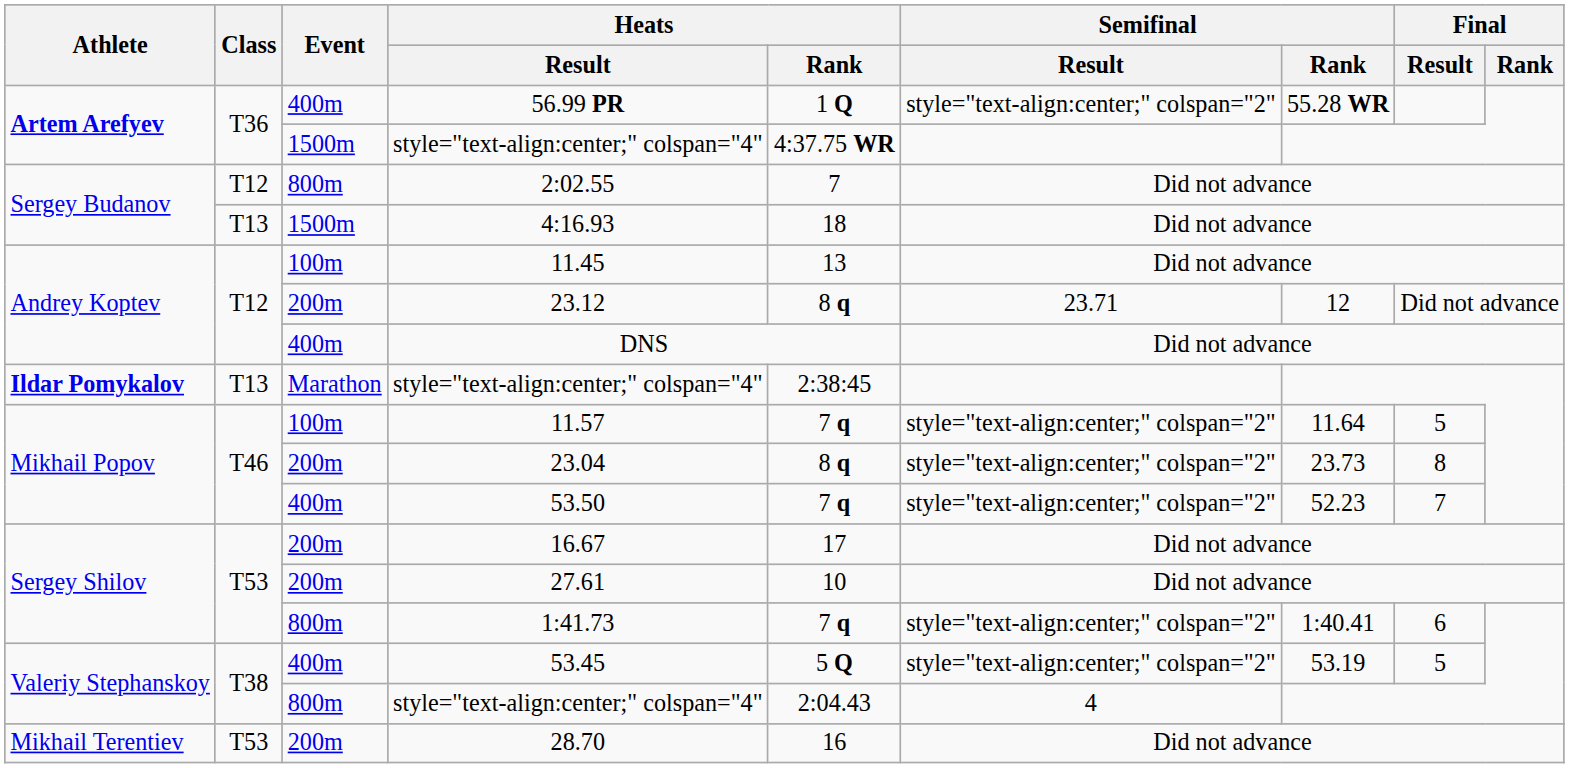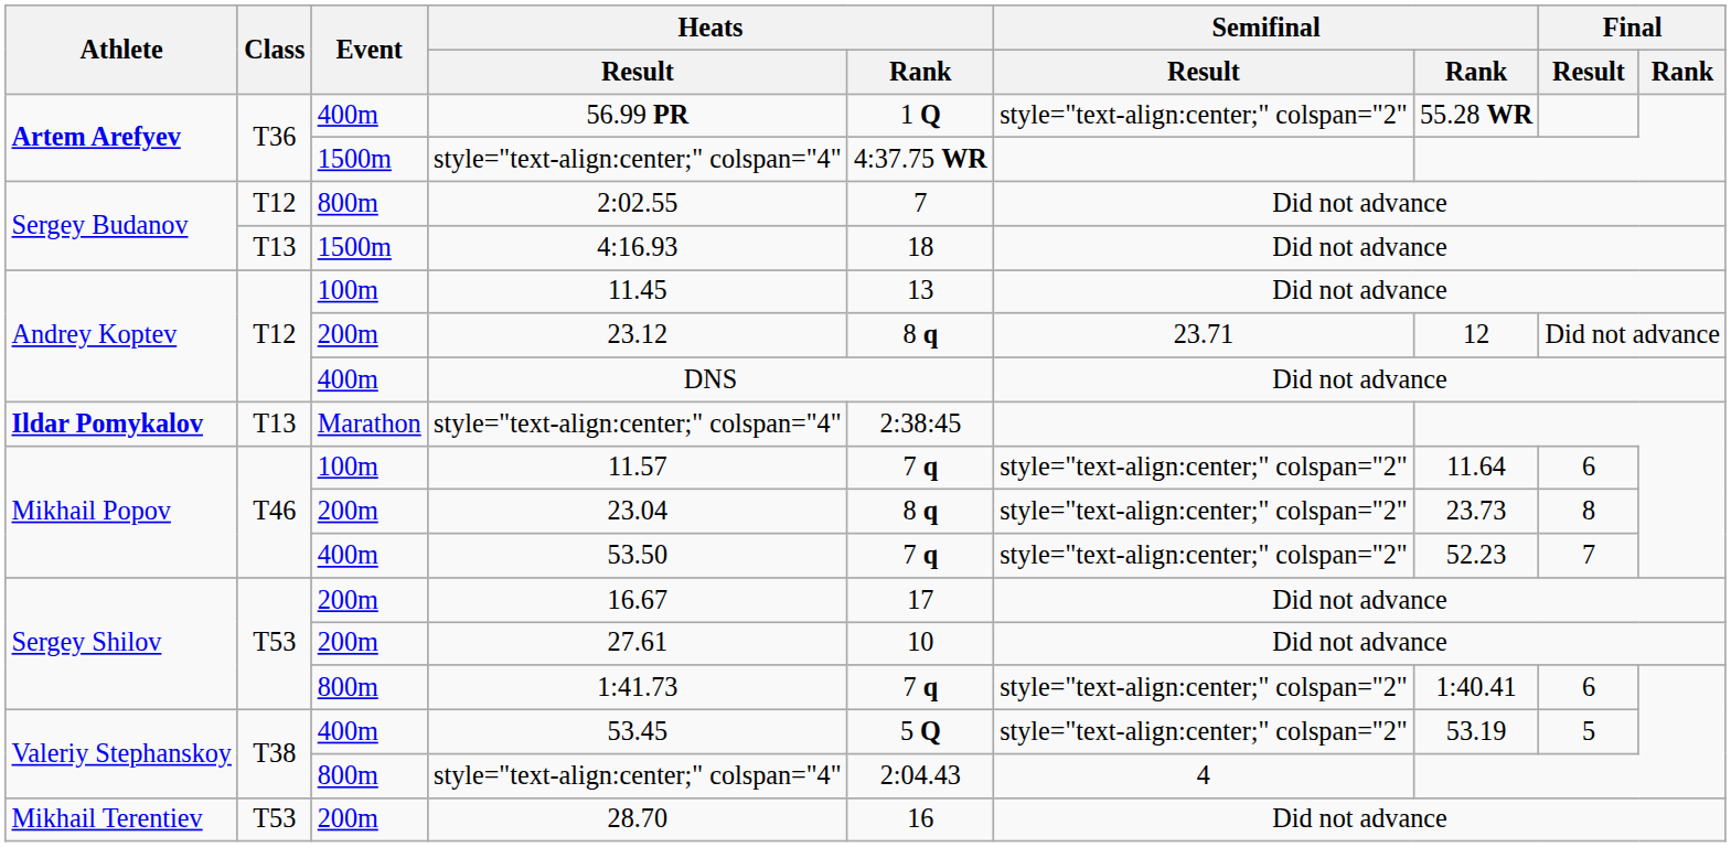 <table class=wikitable style="font-size:90%">
 <tr>
 <th rowspan="2">Athlete</th>
 <th rowspan="2">Class</th>
 <th rowspan="2">Event</th>
 <th colspan="2">Heats</th>
 <th colspan="2">Semifinal</th>
 <th colspan="2">Final</th>
 </tr>
 <tr>
 <th>Result</th>
 <th>Rank</th>
 <th>Result</th>
 <th>Rank</th>
 <th>Result</th>
 <th>Rank</th>
 </tr>
 <tr>
 <td rowspan="2"><strong><a href='#'>Artem Arefyev</a></strong></td>
 <td rowspan="2" style="text-align:center;">T36</td>
 <td><a href='#'>400m</a></td>
 <td style="text-align:center;">56.99 <strong>PR</strong></td>
 <td style="text-align:center;">1 <strong>Q</strong></td>
 <td>style="text-align:center;" colspan="2" </td>
 <td style="text-align:center;">55.28 <strong>WR</strong></td>
 <td style="text-align:center;"></td>
 </tr>
 <tr>
 <td><a href='#'>1500m</a></td>
 <td>style="text-align:center;" colspan="4" </td>
 <td style="text-align:center;">4:37.75 <strong>WR</strong></td>
 <td style="text-align:center;"></td>
 </tr>
 <tr>
 <td rowspan="2"><a href='#'>Sergey Budanov</a></td>
 <td style="text-align:center;">T12</td>
 <td><a href='#'>800m</a></td>
 <td style="text-align:center;">2:02.55</td>
 <td style="text-align:center;">7</td>
 <td style="text-align:center;" colspan="4">Did not advance</td>
 </tr>
 <tr>
 <td style="text-align:center;">T13</td>
 <td><a href='#'>1500m</a></td>
 <td style="text-align:center;">4:16.93</td>
 <td style="text-align:center;">18</td>
 <td style="text-align:center;" colspan="4">Did not advance</td>
 </tr>
 <tr>
 <td rowspan="3"><a href='#'>Andrey Koptev</a></td>
 <td rowspan="3" style="text-align:center;">T12</td>
 <td><a href='#'>100m</a></td>
 <td style="text-align:center;">11.45</td>
 <td style="text-align:center;">13</td>
 <td style="text-align:center;" colspan="4">Did not advance</td>
 </tr>
 <tr>
 <td><a href='#'>200m</a></td>
 <td style="text-align:center;">23.12</td>
 <td style="text-align:center;">8 <strong>q</strong></td>
 <td style="text-align:center;">23.71</td>
 <td style="text-align:center;">12</td>
 <td style="text-align:center;" colspan="2">Did not advance</td>
 </tr>
 <tr>
 <td><a href='#'>400m</a></td>
 <td style="text-align:center;" colspan="2">DNS</td>
 <td style="text-align:center;" colspan="4">Did not advance</td>
 </tr>
 <tr>
 <td><strong><a href='#'>Ildar Pomykalov</a></strong></td>
 <td style="text-align:center;">T13</td>
 <td><a href='#'>Marathon</a></td>
 <td>style="text-align:center;" colspan="4" </td>
 <td style="text-align:center;">2:38:45</td>
 <td style="text-align:center;"></td>
 </tr>
 <tr>
 <td rowspan="3"><a href='#'>Mikhail Popov</a></td>
 <td rowspan="3" style="text-align:center;">T46</td>
 <td><a href='#'>100m</a></td>
 <td style="text-align:center;">11.57</td>
 <td style="text-align:center;">7 <strong>q</strong></td>
 <td>style="text-align:center;" colspan="2" </td>
 <td style="text-align:center;">11.64</td>
-<td style="text-align:center;">5</td>
+<td style="text-align:center;">6</td>
 </tr>
 <tr>
 <td><a href='#'>200m</a></td>
 <td style="text-align:center;">23.04</td>
 <td style="text-align:center;">8 <strong>q</strong></td>
 <td>style="text-align:center;" colspan="2" </td>
 <td style="text-align:center;">23.73</td>
 <td style="text-align:center;">8</td>
 </tr>
 <tr>
 <td><a href='#'>400m</a></td>
 <td style="text-align:center;">53.50</td>
 <td style="text-align:center;">7 <strong>q</strong></td>
 <td>style="text-align:center;" colspan="2" </td>
 <td style="text-align:center;">52.23</td>
 <td style="text-align:center;">7</td>
 </tr>
 <tr>
 <td rowspan="3"><a href='#'>Sergey Shilov</a></td>
 <td rowspan="3" style="text-align:center;">T53</td>
 <td><a href='#'>200m</a></td>
 <td style="text-align:center;">16.67</td>
 <td style="text-align:center;">17</td>
 <td style="text-align:center;" colspan="4">Did not advance</td>
 </tr>
 <tr>
 <td><a href='#'>200m</a></td>
 <td style="text-align:center;">27.61</td>
 <td style="text-align:center;">10</td>
 <td style="text-align:center;" colspan="4">Did not advance</td>
 </tr>
 <tr>
 <td><a href='#'>800m</a></td>
 <td style="text-align:center;">1:41.73</td>
 <td style="text-align:center;">7 <strong>q</strong></td>
 <td>style="text-align:center;" colspan="2" </td>
 <td style="text-align:center;">1:40.41</td>
 <td style="text-align:center;">6</td>
 </tr>
 <tr>
 <td rowspan="2"><a href='#'>Valeriy Stephanskoy</a></td>
 <td rowspan="2" style="text-align:center;">T38</td>
 <td><a href='#'>400m</a></td>
 <td style="text-align:center;">53.45</td>
 <td style="text-align:center;">5 <strong>Q</strong></td>
 <td>style="text-align:center;" colspan="2" </td>
 <td style="text-align:center;">53.19</td>
 <td style="text-align:center;">5</td>
 </tr>
 <tr>
 <td><a href='#'>800m</a></td>
 <td>style="text-align:center;" colspan="4" </td>
 <td style="text-align:center;">2:04.43</td>
 <td style="text-align:center;">4</td>
 </tr>
 <tr>
 <td><a href='#'>Mikhail Terentiev</a></td>
 <td style="text-align:center;">T53</td>
 <td><a href='#'>200m</a></td>
 <td style="text-align:center;">28.70</td>
 <td style="text-align:center;">16</td>
 <td style="text-align:center;" colspan="4">Did not advance</td>
 </tr>
 </table>
